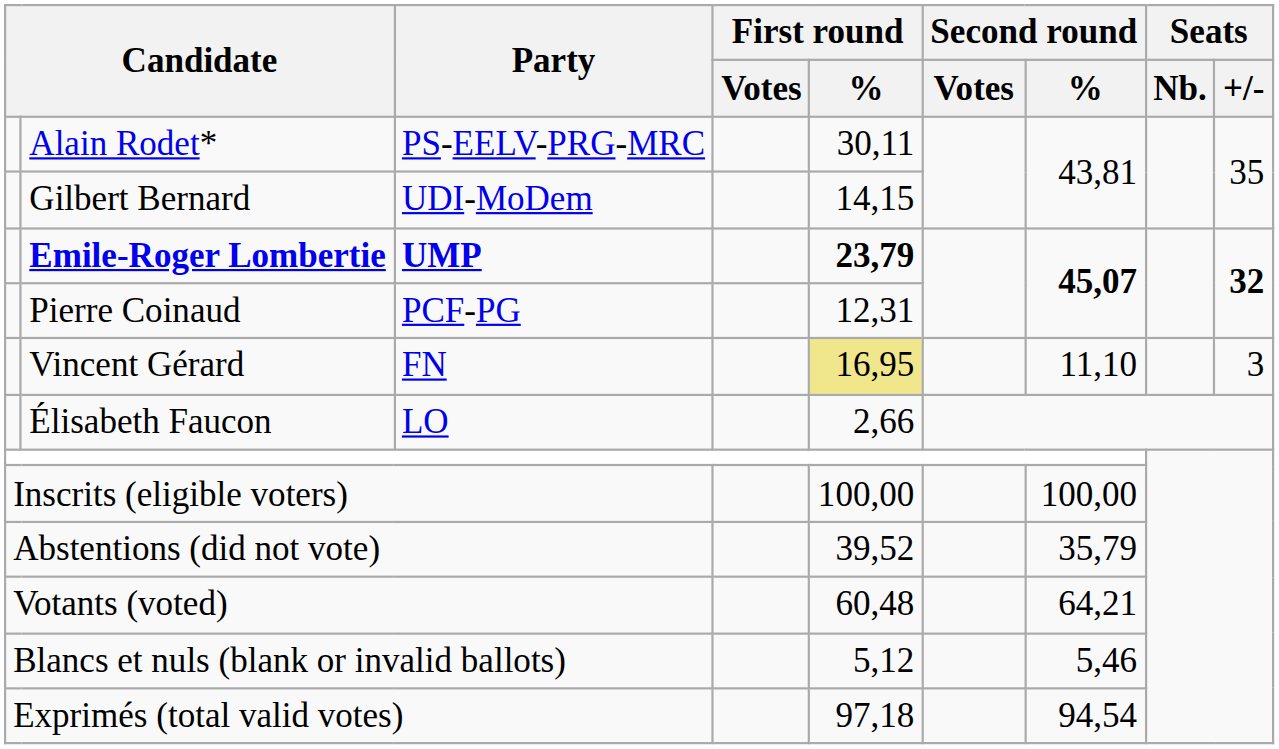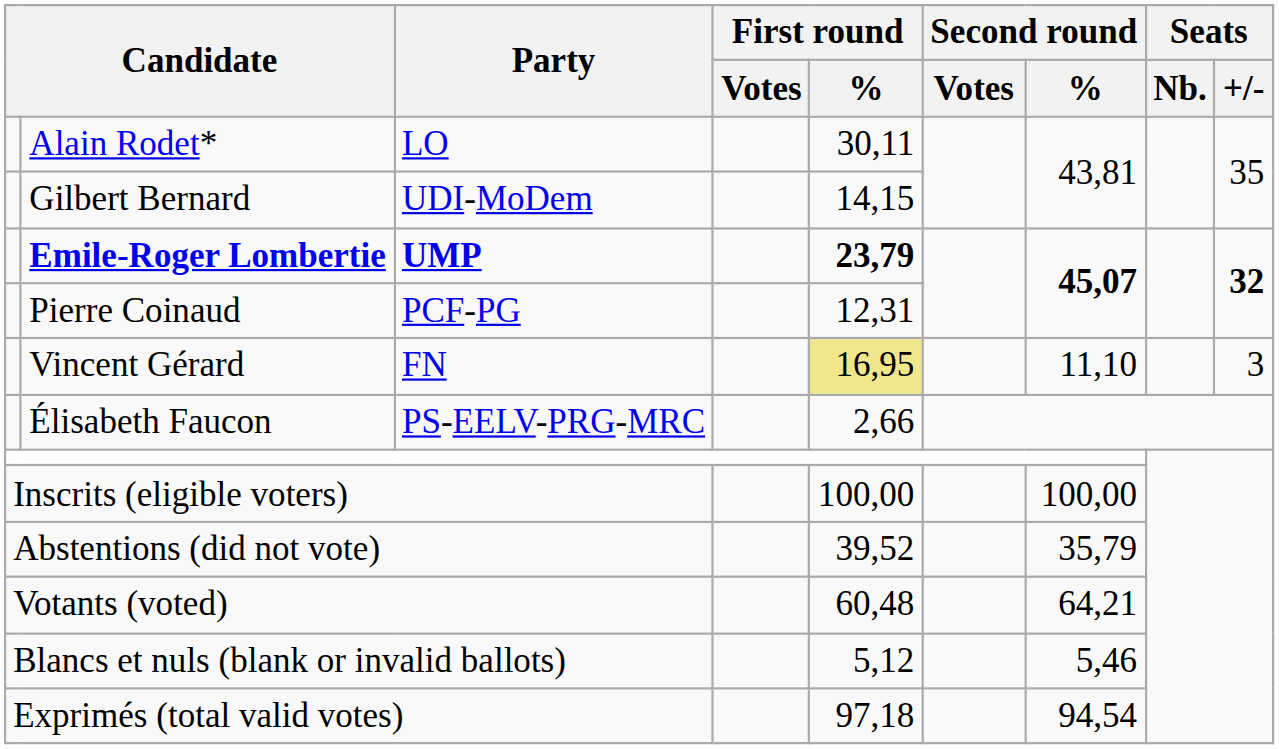 <table class="wikitable centre">
 <tr>
 <th scope="col" rowspan=2 colspan=2>Candidate</th>
 <th scope="col" rowspan=2 colspan=1>Party</th>
 <th scope="col" colspan=2>First round</th>
 <th scope="col" colspan=2>Second round</th>
 <th scope="col" colspan=2>Seats</th>
 </tr>
 <tr>
 <th scope="col">Votes</th>
 <th scope="col">%</th>
 <th scope="col">Votes</th>
 <th scope="col">%</th>
 <th scope="col">Nb.</th>
 <th scope="col">+/-</th>
 </tr>
 <tr>
 <td style="color:inherit;background:"></td>
 <td><a href='#'>Alain Rodet</a>*</td>
-<td><a href='#'>PS</a>-<a href='#'>EELV</a>-<a href='#'>PRG</a>-<a href='#'>MRC</a></td>
+<td><a href='#'>LO</a></td>
 <td style="text-align: right"></td>
 <td style="text-align: right">30,11</td>
 <td style="text-align: right" rowspan=2></td>
 <td style="text-align: right" rowspan=2>43,81</td>
 <td style="text-align: right" rowspan=2></td>
 <td style="text-align: right" rowspan=2> 35</td>
 </tr>
 <tr>
 <td style="color:inherit;background:"></td>
 <td>Gilbert Bernard</td>
 <td><a href='#'>UDI</a>-<a href='#'>MoDem</a></td>
 <td style="text-align: right"></td>
 <td style="text-align: right">14,15</td>
 </tr>
 <tr>
 <td style="color:inherit;background:"></td>
 <td><strong><a href='#'>Emile-Roger Lombertie</a></strong></td>
 <td><strong><a href='#'>UMP</a></strong></td>
 <td style="text-align: right"><strong></strong></td>
 <td style="text-align: right"><strong>23,79</strong></td>
 <td style="text-align: right" rowspan=2><strong></strong></td>
 <td style="text-align: right" rowspan=2><strong>45,07</strong></td>
 <td style="text-align: right" rowspan=2><strong></strong></td>
 <td style="text-align: right" rowspan=2><strong> 32</strong></td>
 </tr>
 <tr>
 <td style="color:inherit;background:"></td>
 <td>Pierre Coinaud</td>
 <td><a href='#'>PCF</a>-<a href='#'>PG</a></td>
 <td style="text-align: right"></td>
 <td style="text-align: right">12,31</td>
 </tr>
 <tr>
 <td style="color:inherit;background:"></td>
 <td>Vincent Gérard</td>
 <td><a href='#'>FN</a></td>
 <td style="text-align: right"></td>
 <td style="background: khaki; text-align: right">16,95</td>
 <td style="text-align: right"></td>
 <td style="text-align: right">11,10</td>
 <td style="text-align: right"></td>
 <td style="text-align: right"> 3</td>
 </tr>
 <tr>
 <td style="color:inherit;background:"></td>
 <td>Élisabeth Faucon</td>
-<td><a href='#'>LO</a></td>
+<td><a href='#'>PS</a>-<a href='#'>EELV</a>-<a href='#'>PRG</a>-<a href='#'>MRC</a></td>
 <td style="text-align: right"></td>
 <td style="text-align: right">2,66</td>
 <td colspan=9 rowspan=1></td>
 </tr>
 <tr bgcolor=white>
 <td colspan=7></td>
 </tr>
 <tr>
 <td colspan=3>Inscrits (eligible voters)</td>
 <td style="text-align: right"></td>
 <td style="text-align: right">100,00</td>
 <td style="text-align: right"></td>
 <td style="text-align: right">100,00</td>
 </tr>
 <tr>
 <td colspan=3>Abstentions (did not vote)</td>
 <td style="text-align: right"></td>
 <td style="text-align: right">39,52</td>
 <td style="text-align: right"></td>
 <td style="text-align: right">35,79</td>
 </tr>
 <tr>
 <td colspan=3>Votants (voted)</td>
 <td style="text-align: right"></td>
 <td style="text-align: right">60,48</td>
 <td style="text-align: right"></td>
 <td style="text-align: right">64,21</td>
 </tr>
 <tr>
 <td colspan=3>Blancs et nuls (blank or invalid ballots)</td>
 <td style="text-align: right"></td>
 <td style="text-align: right">5,12</td>
 <td style="text-align: right"></td>
 <td style="text-align: right">5,46</td>
 </tr>
 <tr>
 <td colspan=3>Exprimés (total valid votes)</td>
 <td style="text-align: right"></td>
 <td style="text-align: right">97,18</td>
 <td style="text-align: right"></td>
 <td style="text-align: right">94,54</td>
 </tr>
 </table>
